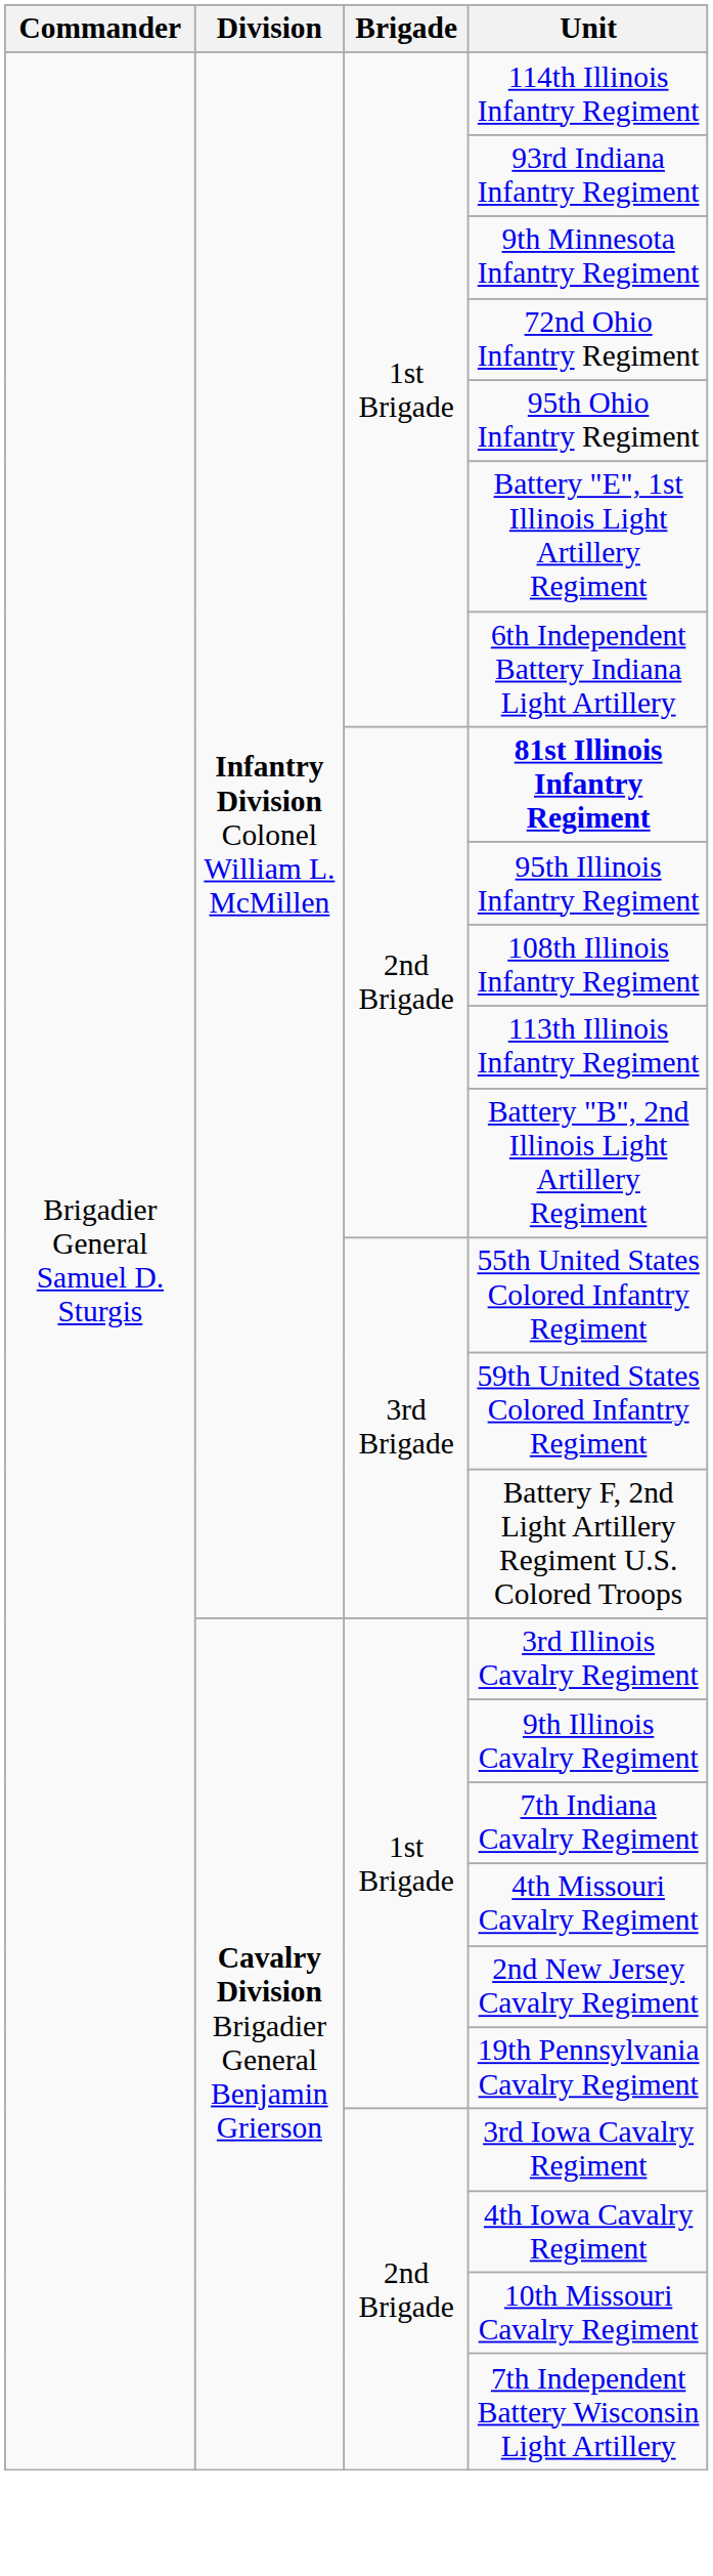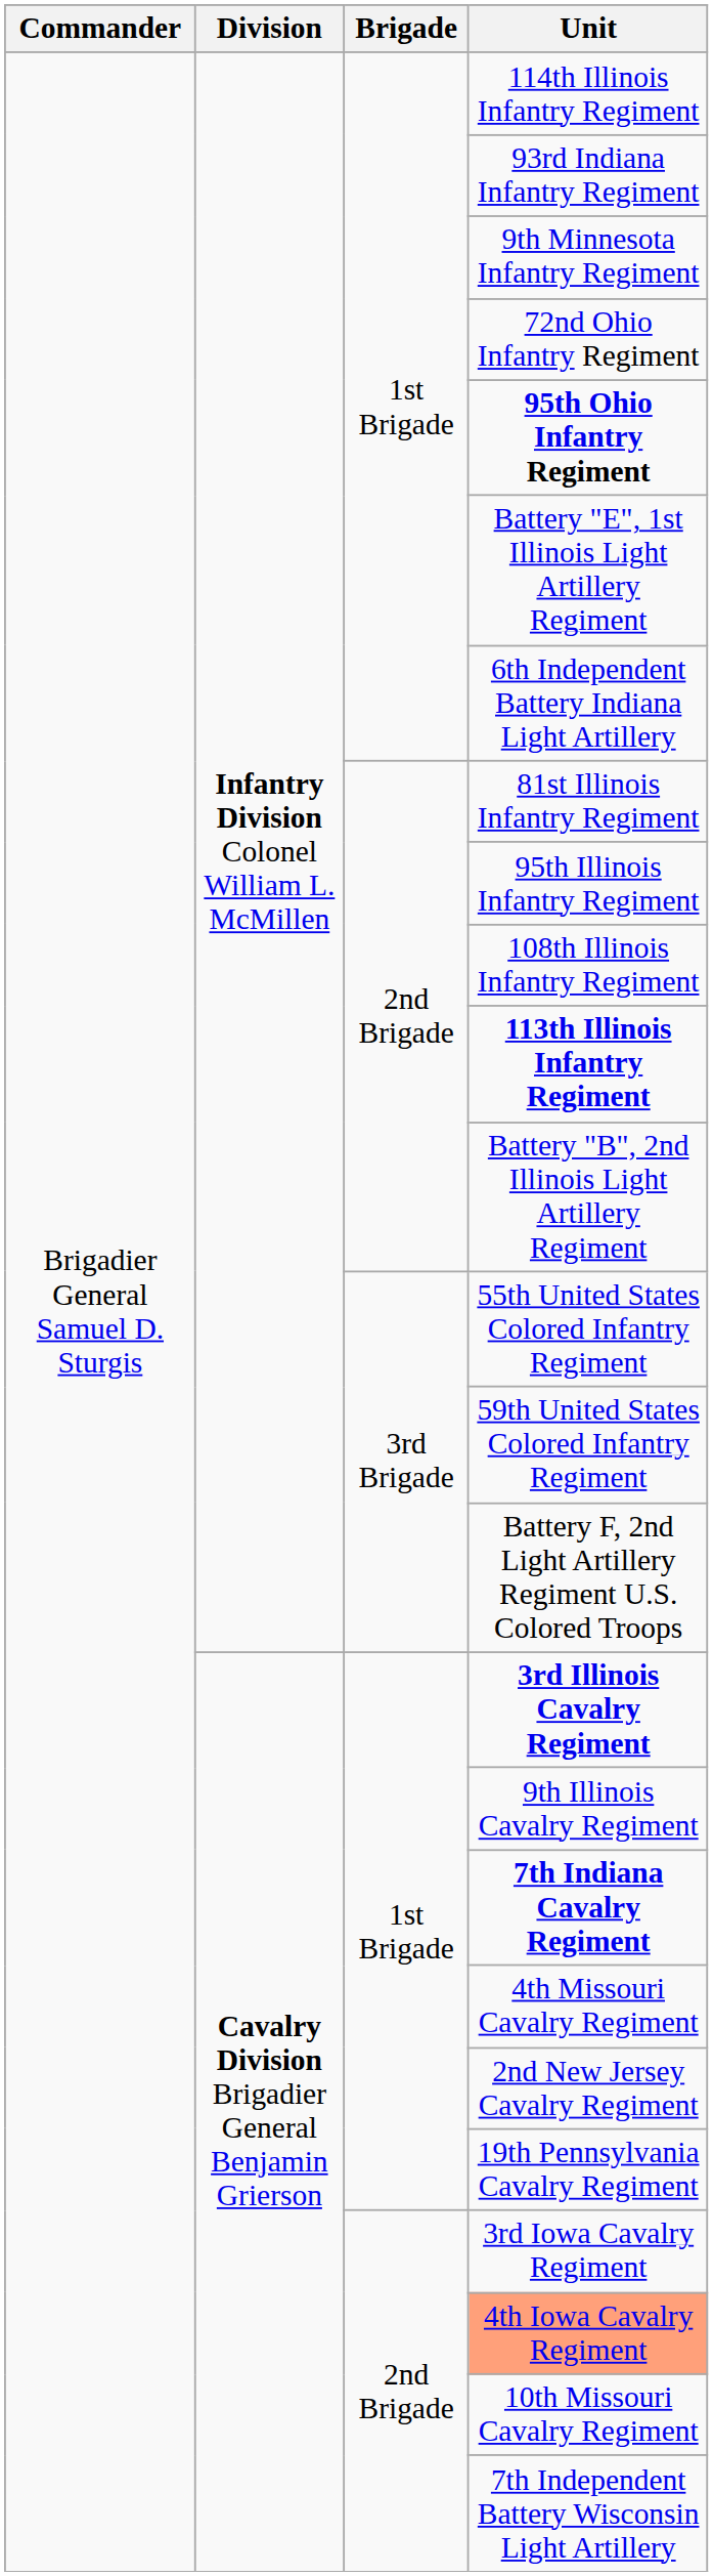 <table class="wikitable" style="text-align:center; width:60%;">
 <tr>
 <th width=15%>Commander</th>
 <th width=15%>Division</th>
 <th width=10%>Brigade</th>
 <th width=30%>Unit</th>
 </tr>
 <tr>
 <td rowspan=25>Brigadier General<br><a href='#'>Samuel D. Sturgis</a><br></td>
 <td rowspan=15><strong>Infantry Division</strong><br>Colonel <a href='#'>William L. McMillen</a><br></td>
 <td rowspan=7>1st Brigade</td>
 <td><a href='#'>114th Illinois Infantry Regiment</a></td>
 </tr>
 <tr>
 <td><a href='#'>93rd Indiana Infantry Regiment</a></td>
 </tr>
 <tr>
 <td><a href='#'>9th Minnesota Infantry Regiment</a></td>
 </tr>
 <tr>
 <td><a href='#'>72nd Ohio Infantry</a> Regiment</td>
 </tr>
 <tr>
-<td><a href='#'>95th Ohio Infantry</a> Regiment</td>
+<td><strong><a href='#'>95th Ohio Infantry</a> Regiment</strong></td>
 </tr>
 <tr>
 <td><a href='#'>Battery "E", 1st Illinois Light Artillery Regiment</a></td>
 </tr>
 <tr>
 <td><a href='#'>6th Independent Battery Indiana Light Artillery</a></td>
 </tr>
 <tr>
 <td rowspan=5>2nd Brigade</td>
-<td><strong><a href='#'>81st Illinois Infantry Regiment</a></strong></td>
+<td><a href='#'>81st Illinois Infantry Regiment</a></td>
 </tr>
 <tr>
 <td><a href='#'>95th Illinois Infantry Regiment</a></td>
 </tr>
 <tr>
 <td><a href='#'>108th Illinois Infantry Regiment</a></td>
 </tr>
 <tr>
-<td><a href='#'>113th Illinois Infantry Regiment</a></td>
+<td><strong><a href='#'>113th Illinois Infantry Regiment</a></strong></td>
 </tr>
 <tr>
 <td><a href='#'>Battery "B", 2nd Illinois Light Artillery Regiment</a></td>
 </tr>
 <tr>
 <td rowspan=3>3rd Brigade</td>
 <td><a href='#'>55th United States Colored Infantry Regiment</a></td>
 </tr>
 <tr>
 <td><a href='#'>59th United States Colored Infantry Regiment</a></td>
 </tr>
 <tr>
 <td>Battery F, 2nd Light Artillery Regiment U.S. Colored Troops</td>
 </tr>
 <tr>
 <td rowspan=10><strong>Cavalry Division</strong><br>Brigadier General<br><a href='#'>Benjamin Grierson</a><br></td>
 <td rowspan=6>1st Brigade</td>
-<td><a href='#'>3rd Illinois Cavalry Regiment</a></td>
+<td><strong><a href='#'>3rd Illinois Cavalry Regiment</a></strong></td>
 </tr>
 <tr>
 <td><a href='#'>9th Illinois Cavalry Regiment</a></td>
 </tr>
 <tr>
-<td><a href='#'>7th Indiana Cavalry Regiment</a></td>
+<td><strong><a href='#'>7th Indiana Cavalry Regiment</a></strong></td>
 </tr>
 <tr>
 <td><a href='#'>4th Missouri Cavalry Regiment</a></td>
 </tr>
 <tr>
 <td><a href='#'>2nd New Jersey Cavalry Regiment</a></td>
 </tr>
 <tr>
 <td><a href='#'>19th Pennsylvania Cavalry Regiment</a></td>
 </tr>
 <tr>
 <td rowspan=4>2nd Brigade</td>
 <td><a href='#'>3rd Iowa Cavalry Regiment</a></td>
 </tr>
 <tr>
-<td><a href='#'>4th Iowa Cavalry Regiment</a></td>
+<td style="background: lightsalmon;"><a href='#'>4th Iowa Cavalry Regiment</a></td>
 </tr>
 <tr>
 <td><a href='#'>10th Missouri Cavalry Regiment</a></td>
 </tr>
 <tr>
 <td><a href='#'>7th Independent Battery Wisconsin Light Artillery</a></td>
 </tr>
 <tr>
 </tr>
 </table>
